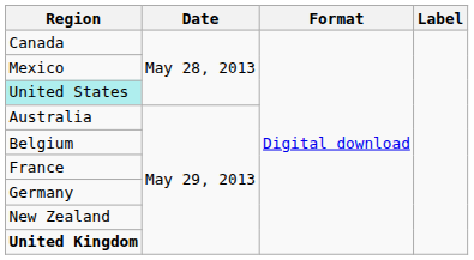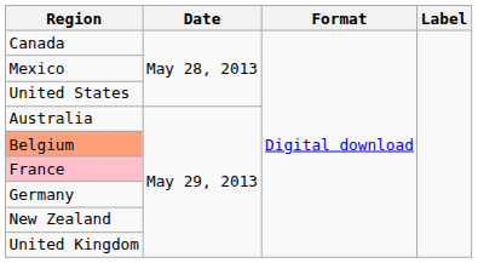 <table class=wikitable>
 <tr>
 <th>Region</th>
 <th>Date</th>
 <th>Format</th>
 <th>Label</th>
 </tr>
 <tr>
 <td>Canada</td>
 <td rowspan="3">May 28, 2013</td>
 <td rowspan="9"><a href='#'>Digital download</a></td>
 <td rowspan="9"></td>
 </tr>
 <tr>
 <td>Mexico</td>
 </tr>
 <tr>
-<td style="background: paleturquoise;">United States</td>
+<td>United States</td>
 </tr>
 <tr>
 <td>Australia</td>
 <td rowspan="6">May 29, 2013</td>
 </tr>
 <tr>
-<td>Belgium</td>
+<td style="background: lightsalmon;">Belgium</td>
 </tr>
 <tr>
-<td>France</td>
+<td style="background: pink;">France</td>
 </tr>
 <tr>
 <td>Germany</td>
 </tr>
 <tr>
 <td>New Zealand</td>
 </tr>
 <tr>
-<td><strong>United Kingdom</strong></td>
+<td>United Kingdom</td>
 </tr>
 </table>
